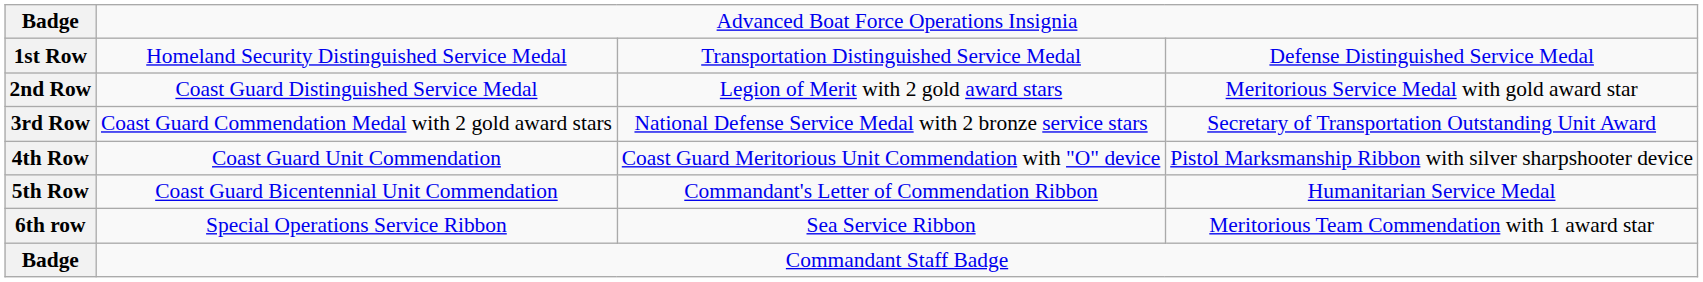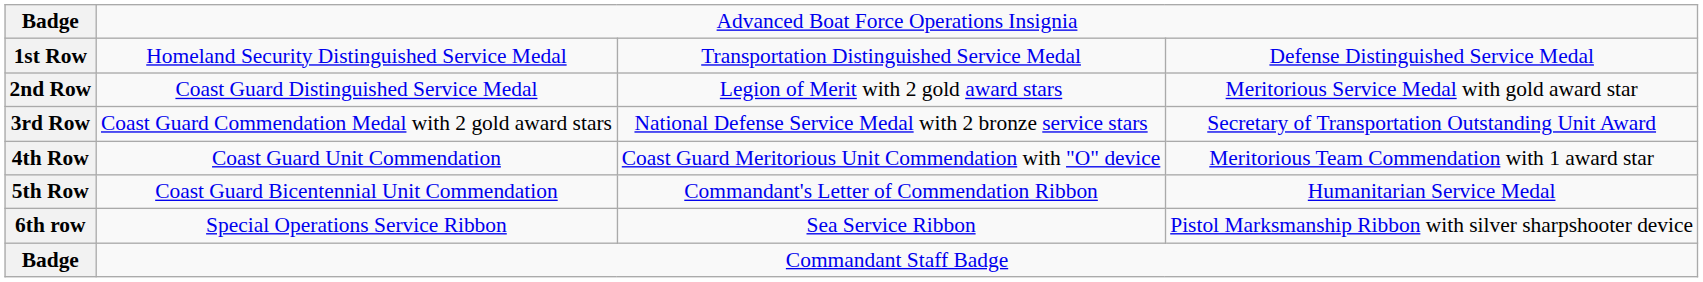 <table class="wikitable" style="margin:1em auto; text-align:center;">
 <tr>
 <th>Badge</th>
 <td colspan="3"><a href='#'>Advanced Boat Force Operations Insignia</a></td>
 </tr>
 <tr>
 <th>1st Row</th>
 <td><a href='#'>Homeland Security Distinguished Service Medal</a></td>
 <td><a href='#'>Transportation Distinguished Service Medal</a></td>
 <td><a href='#'>Defense Distinguished Service Medal</a></td>
 </tr>
 <tr>
 <th>2nd Row</th>
 <td><a href='#'>Coast Guard Distinguished Service Medal</a></td>
 <td><a href='#'>Legion of Merit</a> with 2 gold <a href='#'>award stars</a></td>
 <td><a href='#'>Meritorious Service Medal</a> with gold award star</td>
 </tr>
 <tr>
 <th>3rd Row</th>
 <td><a href='#'>Coast Guard Commendation Medal</a> with 2 gold award stars</td>
 <td><a href='#'>National Defense Service Medal</a> with 2 bronze <a href='#'>service stars</a></td>
 <td><a href='#'>Secretary of Transportation Outstanding Unit Award</a></td>
 </tr>
 <tr>
 <th>4th Row</th>
 <td><a href='#'>Coast Guard Unit Commendation</a></td>
 <td><a href='#'>Coast Guard Meritorious Unit Commendation</a> with <a href='#'>"O" device</a></td>
-<td><a href='#'>Pistol Marksmanship Ribbon</a> with silver sharpshooter device</td>
+<td><a href='#'>Meritorious Team Commendation</a> with 1 award star</td>
 </tr>
 <tr>
 <th>5th Row</th>
 <td><a href='#'>Coast Guard Bicentennial Unit Commendation</a></td>
 <td><a href='#'>Commandant's Letter of Commendation Ribbon</a></td>
 <td><a href='#'>Humanitarian Service Medal</a></td>
 </tr>
 <tr>
 <th>6th row</th>
 <td><a href='#'>Special Operations Service Ribbon</a></td>
 <td><a href='#'>Sea Service Ribbon</a></td>
-<td><a href='#'>Meritorious Team Commendation</a> with 1 award star</td>
+<td><a href='#'>Pistol Marksmanship Ribbon</a> with silver sharpshooter device</td>
 </tr>
 <tr>
 <th>Badge</th>
 <td colspan="3"><a href='#'>Commandant Staff Badge</a></td>
 </tr>
 </table>
